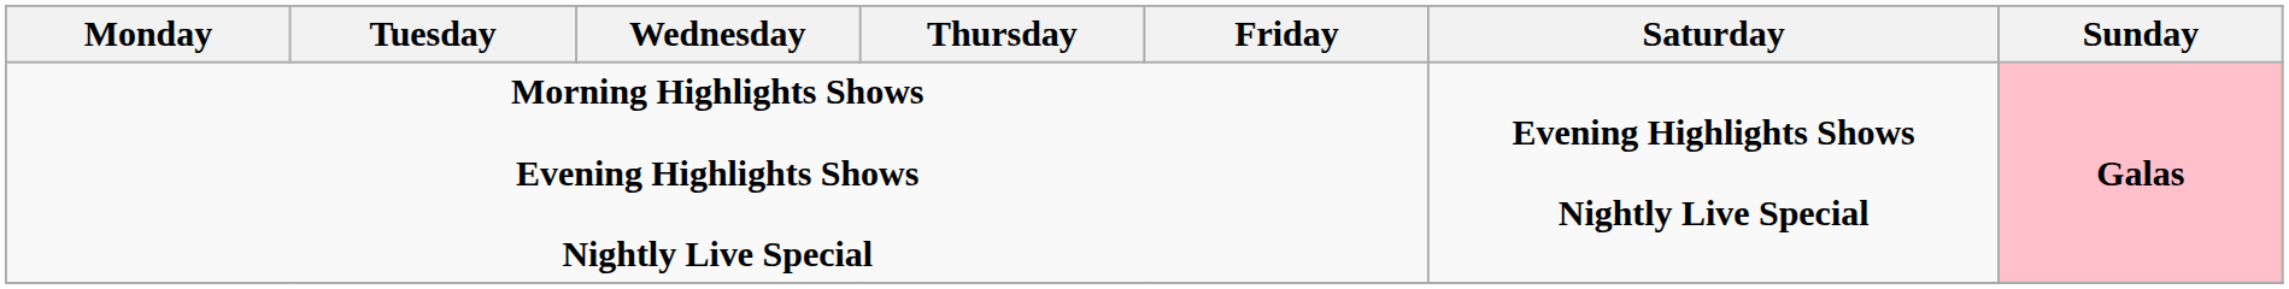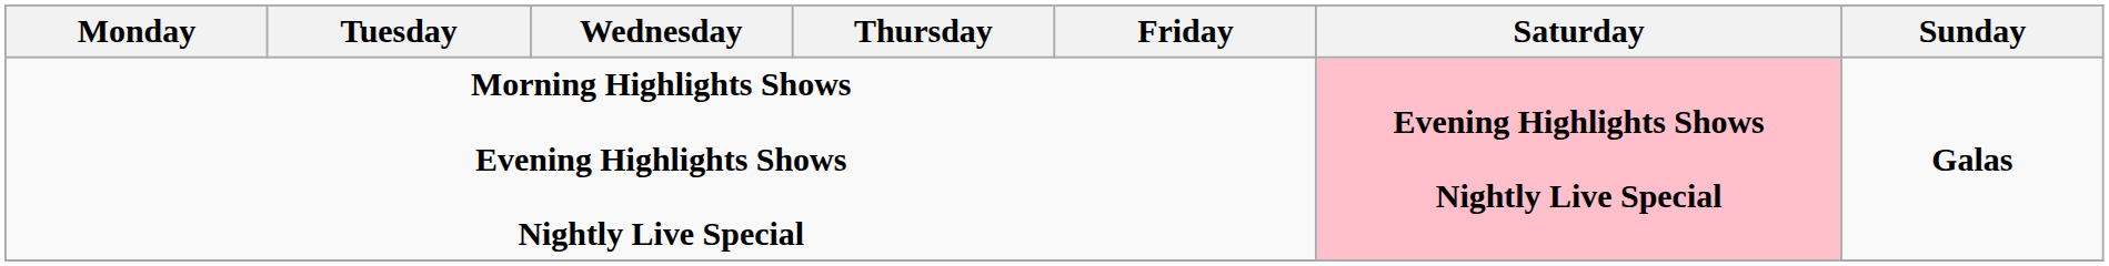 <table class="wikitable" style="text-align:center; width:80%;">
 <tr>
 <th style="width:10%">Monday</th>
 <th style="width:10%">Tuesday</th>
 <th style="width:10%">Wednesday</th>
 <th style="width:10%">Thursday</th>
 <th style="width:10%">Friday</th>
 <th style="width:20%">Saturday</th>
 <th style="width:10%">Sunday</th>
 </tr>
 <tr>
 <td colspan="5"><strong>Morning Highlights Shows</strong><br><br><strong>Evening Highlights Shows</strong><br><br><strong>Nightly Live Special</strong><br></td>
-<td><strong>Evening Highlights Shows</strong><br><br><strong>Nightly Live Special</strong><br></td>
-<td style="background: pink;"><strong>Galas</strong><br></td>
+<td style="background: pink;"><strong>Evening Highlights Shows</strong><br><br><strong>Nightly Live Special</strong><br></td>
+<td><strong>Galas</strong><br></td>
 </tr>
 <tr>
 </tr>
 </table>
